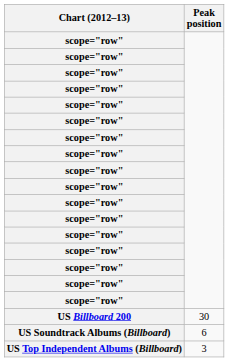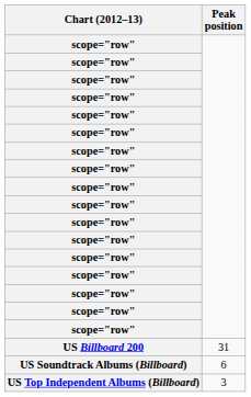 <table class="wikitable plainrowheaders sortable" style="text-align:center;">
 <tr>
 <th scope="col">Chart (2012–13)</th>
 <th scope="col">Peak<br>position</th>
 </tr>
 <tr>
 <th>scope="row" </th>
 </tr>
 <tr>
 <th>scope="row" </th>
 </tr>
 <tr>
 <th>scope="row" </th>
 </tr>
 <tr>
 <th>scope="row" </th>
 </tr>
 <tr>
 <th>scope="row" </th>
 </tr>
 <tr>
 <th>scope="row" </th>
 </tr>
 <tr>
 <th>scope="row" </th>
 </tr>
 <tr>
 <th>scope="row" </th>
 </tr>
 <tr>
 <th>scope="row" </th>
 </tr>
 <tr>
 <th>scope="row" </th>
 </tr>
 <tr>
 <th>scope="row" </th>
 </tr>
 <tr>
 <th>scope="row" </th>
 </tr>
 <tr>
 <th>scope="row" </th>
 </tr>
 <tr>
 <th>scope="row" </th>
 </tr>
 <tr>
 <th>scope="row" </th>
 </tr>
 <tr>
 <th>scope="row" </th>
 </tr>
 <tr>
 <th>scope="row" </th>
 </tr>
 <tr>
 <th scope="row">US <a href='#'><em>Billboard</em> 200</a></th>
-<td style="text-align:center;">30</td>
+<td style="text-align:center;">31</td>
 </tr>
 <tr>
 <th scope="row">US Soundtrack Albums (<em>Billboard</em>)</th>
 <td style="text-align:center;">6</td>
 </tr>
 <tr>
 <th scope="row">US <a href='#'>Top Independent Albums</a> (<em>Billboard</em>)</th>
 <td style="text-align:center;">3</td>
 </tr>
 </table>
